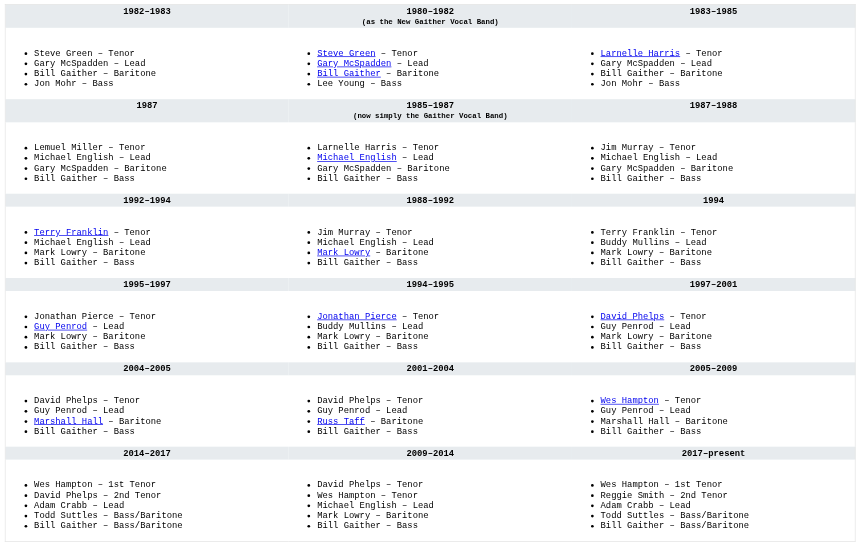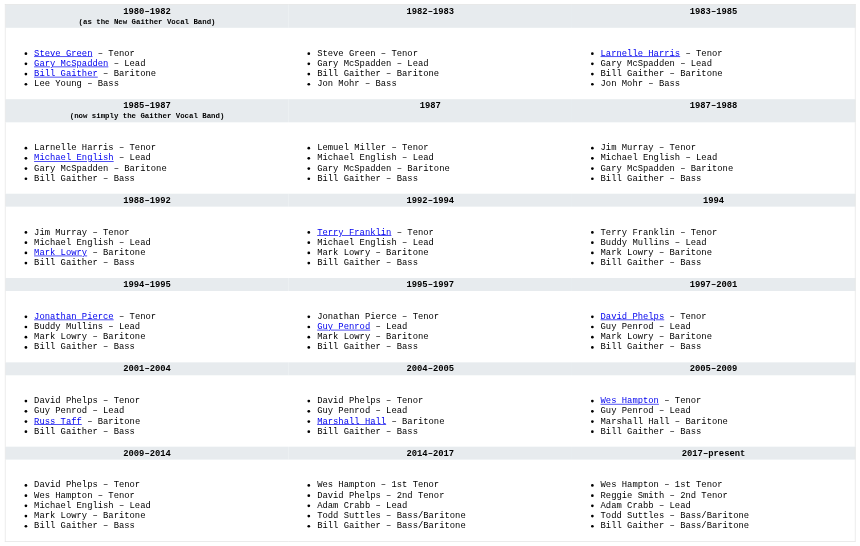 <table class="toccolours" cellspacing="0" cellpadding="2" style="float: width; margin: 0 0 1em 1em; border-collapse: collapse; border: 1px solid #E2E2E2; width:99%; border:1">
 <tr>
+<th width="25%" valign="top" bgcolor="#E7EBEE">1980–1982<br><small>(as the New Gaither Vocal Band)</small></th>
 <th width="25%" valign="top" bgcolor="#E7EBEE">1982–1983</th>
-<th width="25%" valign="top" bgcolor="#E7EBEE">1980–1982<br><small>(as the New Gaither Vocal Band)</small></th>
 <th width="25%" valign="top" bgcolor="#E7EBEE">1983–1985</th>
 </tr>
 <tr>
+<td valign="top"><br><ul><li><a href='#'>Steve Green</a> – Tenor</li><li><a href='#'>Gary McSpadden</a> – Lead</li><li><a href='#'>Bill Gaither</a> – Baritone</li><li>Lee Young – Bass</li></ul></td>
 <td valign="top"><br><ul><li>Steve Green – Tenor</li><li>Gary McSpadden – Lead</li><li>Bill Gaither – Baritone</li><li>Jon Mohr – Bass</li></ul></td>
-<td valign="top"><br><ul><li><a href='#'>Steve Green</a> – Tenor</li><li><a href='#'>Gary McSpadden</a> – Lead</li><li><a href='#'>Bill Gaither</a> – Baritone</li><li>Lee Young – Bass</li></ul></td>
 <td valign="top"><br><ul><li><a href='#'>Larnelle Harris</a> – Tenor</li><li>Gary McSpadden – Lead</li><li>Bill Gaither – Baritone</li><li>Jon Mohr – Bass</li></ul></td>
 </tr>
 <tr>
+<th width="25%" valign="top" bgcolor="#E7EBEE">1985–1987<br><small>(now simply the Gaither Vocal Band)</small></th>
 <th width="25%" valign="top" bgcolor="#E7EBEE">1987</th>
-<th width="25%" valign="top" bgcolor="#E7EBEE">1985–1987<br><small>(now simply the Gaither Vocal Band)</small></th>
 <th width="25%" valign="top" bgcolor="#E7EBEE">1987–1988</th>
 </tr>
 <tr>
+<td><br><ul><li>Larnelle Harris – Tenor</li><li><a href='#'>Michael English</a> – Lead</li><li>Gary McSpadden – Baritone</li><li>Bill Gaither – Bass</li></ul></td>
 <td valign="top"><br><ul><li>Lemuel Miller – Tenor</li><li>Michael English – Lead</li><li>Gary McSpadden – Baritone</li><li>Bill Gaither – Bass</li></ul></td>
-<td><br><ul><li>Larnelle Harris – Tenor</li><li><a href='#'>Michael English</a> – Lead</li><li>Gary McSpadden – Baritone</li><li>Bill Gaither – Bass</li></ul></td>
 <td valign="top"><br><ul><li>Jim Murray – Tenor</li><li>Michael English – Lead</li><li>Gary McSpadden – Baritone</li><li>Bill Gaither – Bass</li></ul></td>
 </tr>
 <tr>
+<th width="25%" valign="top" bgcolor="#E7EBEE">1988–1992</th>
 <th width="25%" valign="top" bgcolor="#E7EBEE">1992–1994</th>
-<th width="25%" valign="top" bgcolor="#E7EBEE">1988–1992</th>
 <th width="25%" valign="top" bgcolor="#E7EBEE">1994</th>
 </tr>
 <tr>
+<td valign="top"><br><ul><li>Jim Murray – Tenor</li><li>Michael English – Lead</li><li><a href='#'>Mark Lowry</a> – Baritone</li><li>Bill Gaither – Bass</li></ul></td>
 <td valign="top"><br><ul><li><a href='#'>Terry Franklin</a> – Tenor</li><li>Michael English – Lead</li><li>Mark Lowry – Baritone</li><li>Bill Gaither – Bass</li></ul></td>
-<td valign="top"><br><ul><li>Jim Murray – Tenor</li><li>Michael English – Lead</li><li><a href='#'>Mark Lowry</a> – Baritone</li><li>Bill Gaither – Bass</li></ul></td>
 <td valign="top"><br><ul><li>Terry Franklin – Tenor</li><li>Buddy Mullins – Lead</li><li>Mark Lowry – Baritone</li><li>Bill Gaither – Bass</li></ul></td>
 </tr>
 <tr>
+<th width="25%" valign="top" bgcolor="#E7EBEE">1994–1995</th>
 <th width="25%" valign="top" bgcolor="#E7EBEE">1995–1997</th>
-<th width="25%" valign="top" bgcolor="#E7EBEE">1994–1995</th>
 <th width="25%" valign="top" bgcolor="#E7EBEE">1997–2001</th>
 </tr>
 <tr>
+<td valign="top"><br><ul><li><a href='#'>Jonathan Pierce</a> – Tenor</li><li>Buddy Mullins – Lead</li><li>Mark Lowry – Baritone</li><li>Bill Gaither – Bass</li></ul></td>
 <td valign="top"><br><ul><li>Jonathan Pierce – Tenor</li><li><a href='#'>Guy Penrod</a> – Lead</li><li>Mark Lowry – Baritone</li><li>Bill Gaither – Bass</li></ul></td>
-<td valign="top"><br><ul><li><a href='#'>Jonathan Pierce</a> – Tenor</li><li>Buddy Mullins – Lead</li><li>Mark Lowry – Baritone</li><li>Bill Gaither – Bass</li></ul></td>
 <td valign="top"><br><ul><li><a href='#'>David Phelps</a> – Tenor</li><li>Guy Penrod – Lead</li><li>Mark Lowry – Baritone</li><li>Bill Gaither – Bass</li></ul></td>
 </tr>
 <tr>
+<th width="25%" valign="top" bgcolor="#E7EBEE">2001–2004</th>
 <th width="25%" valign="top" bgcolor="#E7EBEE">2004–2005</th>
-<th width="25%" valign="top" bgcolor="#E7EBEE">2001–2004</th>
 <th width="25%" valign="top" bgcolor="#E7EBEE">2005–2009</th>
 </tr>
 <tr>
+<td valign="top"><br><ul><li>David Phelps – Tenor</li><li>Guy Penrod – Lead</li><li><a href='#'>Russ Taff</a> – Baritone</li><li>Bill Gaither – Bass</li></ul></td>
 <td valign="top"><br><ul><li>David Phelps – Tenor</li><li>Guy Penrod – Lead</li><li><a href='#'>Marshall Hall</a> – Baritone</li><li>Bill Gaither – Bass</li></ul></td>
-<td valign="top"><br><ul><li>David Phelps – Tenor</li><li>Guy Penrod – Lead</li><li><a href='#'>Russ Taff</a> – Baritone</li><li>Bill Gaither – Bass</li></ul></td>
 <td valign="top"><br><ul><li><a href='#'>Wes Hampton</a> – Tenor</li><li>Guy Penrod – Lead</li><li>Marshall Hall – Baritone</li><li>Bill Gaither – Bass</li></ul></td>
 </tr>
 <tr>
+<th width="25%" valign="top" bgcolor="#E7EBEE">2009–2014</th>
 <th width="25%" valign="top" bgcolor="#E7EBEE">2014–2017</th>
-<th width="25%" valign="top" bgcolor="#E7EBEE">2009–2014</th>
 <th width="25%" valign="top" bgcolor="#E7EBEE">2017–present</th>
 </tr>
 <tr>
+<td valign="top"><br><ul><li>David Phelps – Tenor</li><li>Wes Hampton – Tenor</li><li>Michael English – Lead</li><li>Mark Lowry – Baritone</li><li>Bill Gaither – Bass</li></ul></td>
 <td valign="top"><br><ul><li>Wes Hampton – 1st Tenor</li><li>David Phelps – 2nd Tenor</li><li>Adam Crabb – Lead</li><li>Todd Suttles – Bass/Baritone</li><li>Bill Gaither – Bass/Baritone</li></ul></td>
-<td valign="top"><br><ul><li>David Phelps – Tenor</li><li>Wes Hampton – Tenor</li><li>Michael English – Lead</li><li>Mark Lowry – Baritone</li><li>Bill Gaither – Bass</li></ul></td>
 <td valign="top"><br><ul><li>Wes Hampton – 1st Tenor</li><li>Reggie Smith – 2nd Tenor</li><li>Adam Crabb – Lead</li><li>Todd Suttles – Bass/Baritone</li><li>Bill Gaither – Bass/Baritone</li></ul></td>
 </tr>
 </table>
